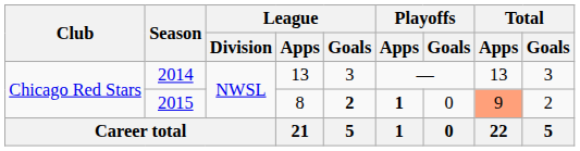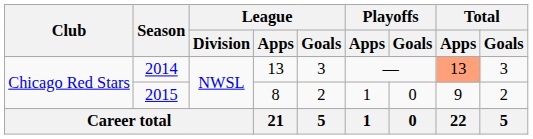 <table class="wikitable" style="text-align: center;">
 <tr>
 <th rowspan="2">Club</th>
 <th rowspan="2">Season</th>
 <th colspan="3">League</th>
 <th colspan="2">Playoffs</th>
 <th colspan="2">Total</th>
 </tr>
 <tr>
 <th>Division</th>
 <th>Apps</th>
 <th>Goals</th>
 <th>Apps</th>
 <th>Goals</th>
 <th>Apps</th>
 <th>Goals</th>
 </tr>
 <tr>
 <td rowspan="2"><a href='#'>Chicago Red Stars</a></td>
 <td><a href='#'>2014</a></td>
 <td rowspan="2"><a href='#'>NWSL</a></td>
 <td>13</td>
 <td>3</td>
 <td colspan="2">—</td>
-<td>13</td>
+<td style="background: lightsalmon;">13</td>
 <td>3</td>
 </tr>
 <tr>
 <td><a href='#'>2015</a></td>
 <td>8</td>
-<td><strong>2</strong></td>
-<td><strong>1</strong></td>
+<td>2</td>
+<td>1</td>
 <td>0</td>
-<td style="background: lightsalmon;">9</td>
+<td>9</td>
 <td>2</td>
 </tr>
 <tr>
 <th colspan="3">Career total</th>
 <th>21</th>
 <th>5</th>
 <th>1</th>
 <th>0</th>
 <th>22</th>
 <th>5</th>
 </tr>
 </table>
